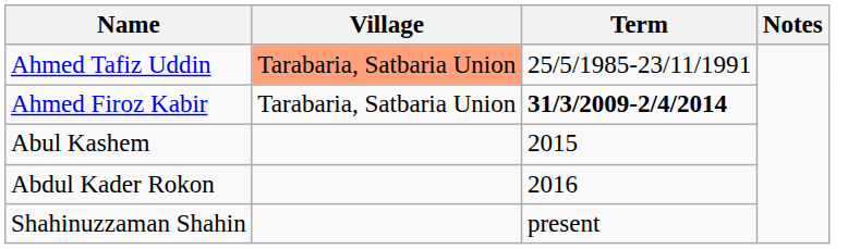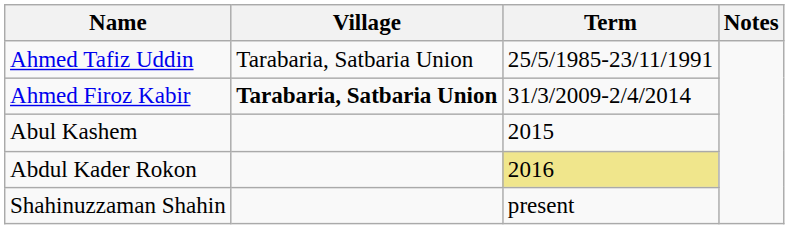 <table class="wikitable">
 <tr>
 <th>Name</th>
 <th>Village</th>
 <th>Term</th>
 <th>Notes</th>
 </tr>
 <tr>
 <td><a href='#'>Ahmed Tafiz Uddin</a></td>
-<td style="background: lightsalmon;">Tarabaria, Satbaria Union</td>
+<td>Tarabaria, Satbaria Union</td>
 <td>25/5/1985-23/11/1991</td>
 </tr>
 <tr>
 <td><a href='#'>Ahmed Firoz Kabir</a></td>
-<td>Tarabaria, Satbaria Union</td>
-<td><strong>31/3/2009-2/4/2014</strong></td>
+<td><strong>Tarabaria, Satbaria Union</strong></td>
+<td>31/3/2009-2/4/2014</td>
 </tr>
 <tr>
 <td>Abul Kashem</td>
 <td></td>
 <td>2015</td>
 </tr>
 <tr>
 <td>Abdul Kader Rokon</td>
 <td></td>
-<td>2016</td>
+<td style="background: khaki;">2016</td>
 </tr>
 <tr>
 <td>Shahinuzzaman Shahin</td>
 <td></td>
 <td>present</td>
 </tr>
 </table>
